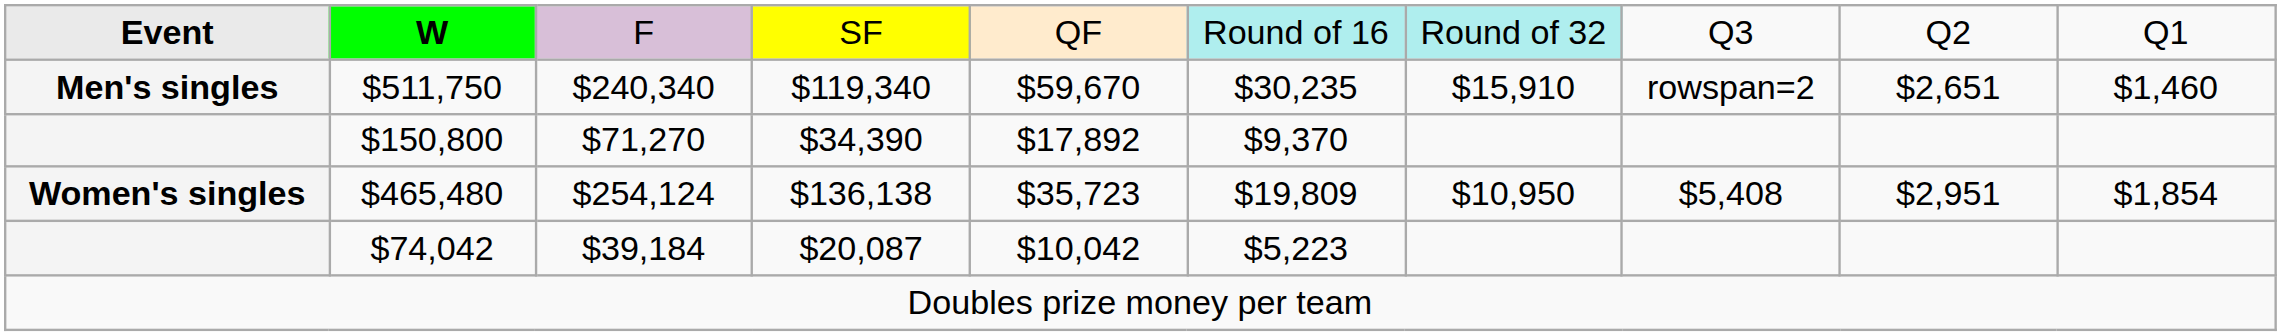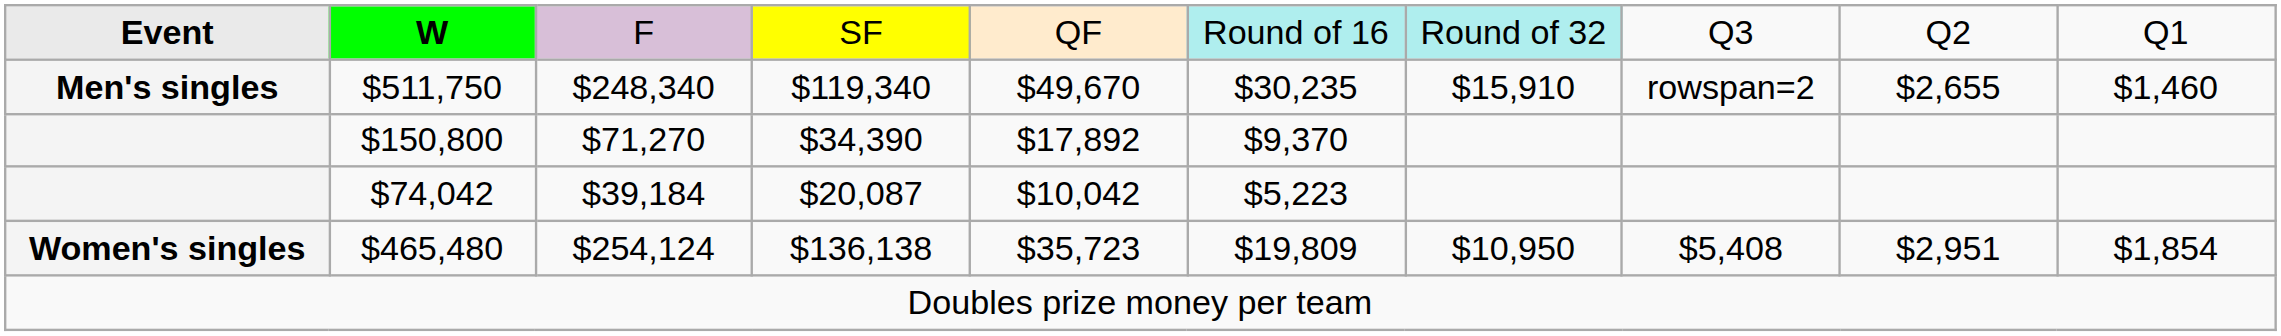 <table class=wikitable style=font-size:90%;text-align:center>
 <tr>
 <td style="width:130px; background:#eaeaea;"><strong>Event</strong></td>
 <td style="width:80px; background:lime;"><strong>W</strong></td>
 <td style="width:85px; background:thistle;">F</td>
 <td style="width:85px; background:#ff0;">SF</td>
 <td style="width:85px; background:#ffebcd;">QF</td>
 <td style="width:85px; background:#afeeee;">Round of 16</td>
 <td style="width:85px; background:#afeeee;">Round of 32</td>
 <td width=85>Q3</td>
 <td width=85>Q2</td>
 <td width=85>Q1</td>
 </tr>
 <tr>
 <td style="background:#f4f4f4;"><strong>Men's singles</strong></td>
 <td>$511,750</td>
-<td>$240,340</td>
+<td>$248,340</td>
 <td>$119,340</td>
-<td>$59,670</td>
+<td>$49,670</td>
 <td>$30,235</td>
 <td>$15,910</td>
 <td>rowspan=2 </td>
-<td>$2,651</td>
+<td>$2,655</td>
 <td>$1,460</td>
 </tr>
 <tr>
 <td style="background:#f4f4f4;"><strong></strong></td>
 <td>$150,800</td>
 <td>$71,270</td>
 <td>$34,390</td>
 <td>$17,892</td>
 <td>$9,370</td>
+<td></td>
+<td></td>
+<td></td>
+</tr>
+<tr>
+<td style="background:#f4f4f4;"><strong></strong></td>
+<td>$74,042</td>
+<td>$39,184</td>
+<td>$20,087</td>
+<td>$10,042</td>
+<td>$5,223</td>
+<td></td>
 <td></td>
 <td></td>
 <td></td>
 </tr>
 <tr>
 <td style="background:#f4f4f4;"><strong>Women's singles</strong></td>
 <td>$465,480</td>
 <td>$254,124</td>
 <td>$136,138</td>
 <td>$35,723</td>
 <td>$19,809</td>
 <td>$10,950</td>
 <td>$5,408</td>
 <td>$2,951</td>
 <td>$1,854</td>
 </tr>
 <tr>
-<td style="background:#f4f4f4;"><strong></strong></td>
-<td>$74,042</td>
-<td>$39,184</td>
-<td>$20,087</td>
-<td>$10,042</td>
-<td>$5,223</td>
-<td></td>
-<td></td>
-<td></td>
-<td></td>
-</tr>
-<tr>
 <td colspan=10>Doubles prize money per team</td>
 </tr>
 </table>
